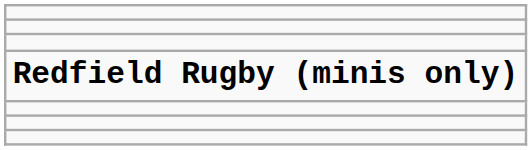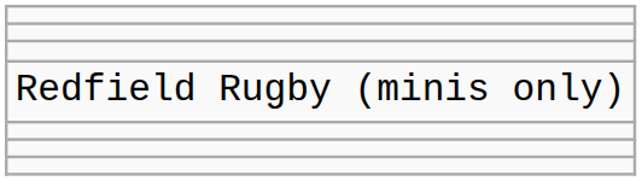 <table class="wikitable">
 <tr>
 <td></td>
 </tr>
 <tr>
 <td></td>
 </tr>
 <tr>
 <td></td>
 </tr>
 <tr>
-<td><strong>Redfield Rugby (minis only)</strong></td>
+<td>Redfield Rugby (minis only)</td>
 </tr>
 <tr>
 <td></td>
 </tr>
 <tr>
 <td></td>
 </tr>
 <tr>
 <td></td>
 </tr>
 </table>
